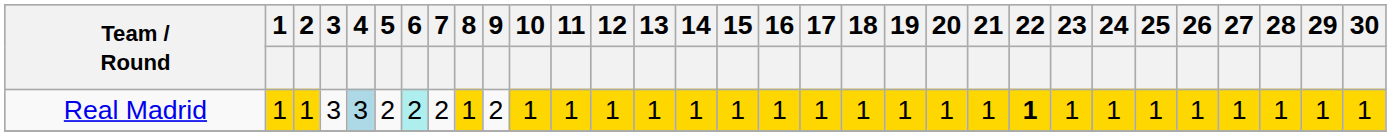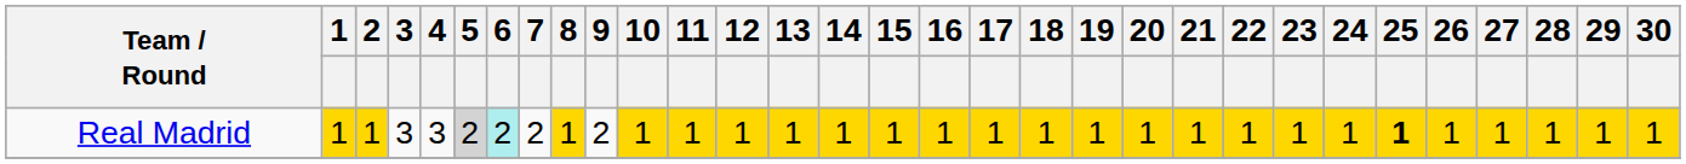 <table class="wikitable sortable" style="text-align:center;">
 <tr>
 <th width="150" rowspan="2" align="left"><small>Team /<br> Round</small></th>
 <th width="2">1</th>
 <th width="2">2</th>
 <th width="2">3</th>
 <th width="2">4</th>
 <th width="2">5</th>
 <th width="2">6</th>
 <th width="2">7</th>
 <th width="2">8</th>
 <th width="2">9</th>
 <th width="2">10</th>
 <th width="2">11</th>
 <th width="2">12</th>
 <th width="2">13</th>
 <th width="2">14</th>
 <th width="2">15</th>
 <th width="2">16</th>
 <th width="2">17</th>
 <th width="2">18</th>
 <th width="2">19</th>
 <th width="2">20</th>
 <th width="2">21</th>
 <th width="2">22</th>
 <th width="2">23</th>
 <th width="2">24</th>
 <th width="2">25</th>
 <th width="2">26</th>
 <th width="2">27</th>
 <th width="2">28</th>
 <th width="2">29</th>
 <th width="2">30</th>
 </tr>
 <tr>
 <th width="2"><br></th>
 <th width="2"></th>
 <th width="2"></th>
 <th width="2"></th>
 <th width="2"></th>
 <th width="2"></th>
 <th width="2"></th>
 <th width="2"></th>
 <th width="2"></th>
 <th width="2"></th>
 <th width="2"></th>
 <th width="2"></th>
 <th width="2"></th>
 <th width="2"></th>
 <th width="2"></th>
 <th width="2"></th>
 <th width="2"></th>
 <th width="2"></th>
 <th width="2"></th>
 <th width="2"></th>
 <th width="2"></th>
 <th width="2"></th>
 <th width="2"></th>
 <th width="2"></th>
 <th width="2"></th>
 <th width="2"></th>
 <th width="2"></th>
 <th width="2"></th>
 <th width="2"></th>
 <th width="2"></th>
 </tr>
 <tr>
 <td><a href='#'>Real Madrid</a></td>
 <td style="background: #FFD700">1</td>
 <td style="background: #FFD700">1</td>
 <td>3</td>
-<td style="background: lightblue;">3</td>
-<td>2</td>
+<td>3</td>
+<td style="background: lightgrey;">2</td>
 <td style="background: paleturquoise;">2</td>
 <td>2</td>
 <td style="background: #FFD700">1</td>
 <td>2</td>
+<td style="background: #FFD700">1</td>
+<td style="background: #FFD700">1</td>
+<td style="background: #FFD700">1</td>
 <td style="background: #FFD700">1</td>
 <td style="background: #FFD700">1</td>
 <td style="background: #FFD700">1</td>
 <td style="background: #FFD700">1</td>
 <td style="background: #FFD700">1</td>
 <td style="background: #FFD700">1</td>
 <td style="background: #FFD700">1</td>
 <td style="background: #FFD700">1</td>
 <td style="background: #FFD700">1</td>
 <td style="background: #FFD700">1</td>
 <td style="background: #FFD700">1</td>
 <td style="background: #FFD700">1</td>
 <td style="background: #FFD700"><strong>1</strong></td>
 <td style="background: #FFD700">1</td>
 <td style="background: #FFD700">1</td>
 <td style="background: #FFD700">1</td>
 <td style="background: #FFD700">1</td>
 <td style="background: #FFD700">1</td>
-<td style="background: #FFD700">1</td>
-<td style="background: #FFD700">1</td>
-<td style="background: #FFD700">1</td>
 </tr>
 <tr>
 </tr>
 </table>
